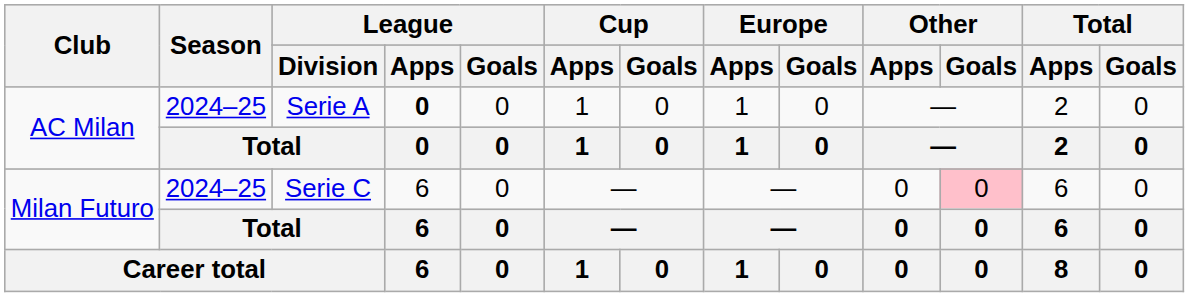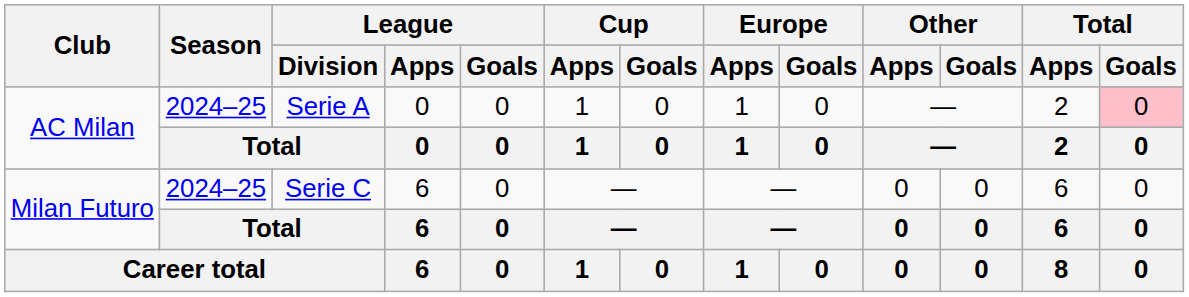 <table class="wikitable" style="text-align: center;">
 <tr>
 <th rowspan="2">Club</th>
 <th rowspan="2">Season</th>
 <th colspan="3">League</th>
 <th colspan="2">Cup</th>
 <th colspan="2">Europe</th>
 <th colspan="2">Other</th>
 <th colspan="2">Total</th>
 </tr>
 <tr>
 <th>Division</th>
 <th>Apps</th>
 <th>Goals</th>
 <th>Apps</th>
 <th>Goals</th>
 <th>Apps</th>
 <th>Goals</th>
 <th>Apps</th>
 <th>Goals</th>
 <th>Apps</th>
 <th>Goals</th>
 </tr>
 <tr>
 <td rowspan="2"><a href='#'>AC Milan</a></td>
 <td><a href='#'>2024–25</a></td>
 <td><a href='#'>Serie A</a></td>
-<td><strong>0</strong></td>
+<td>0</td>
 <td>0</td>
 <td>1</td>
 <td>0</td>
 <td>1</td>
 <td>0</td>
 <td colspan="2">—</td>
 <td>2</td>
-<td>0</td>
+<td style="background: pink;">0</td>
 </tr>
 <tr>
 <th colspan="2">Total</th>
 <th>0</th>
 <th>0</th>
 <th>1</th>
 <th>0</th>
 <th>1</th>
 <th>0</th>
 <th colspan="2">—</th>
 <th>2</th>
 <th>0</th>
 </tr>
 <tr>
 <td rowspan="2"><a href='#'>Milan Futuro</a></td>
 <td><a href='#'>2024–25</a></td>
 <td><a href='#'>Serie C</a></td>
 <td>6</td>
 <td>0</td>
 <td colspan="2">—</td>
 <td colspan="2">—</td>
 <td>0</td>
-<td style="background: pink;">0</td>
+<td>0</td>
 <td>6</td>
 <td>0</td>
 </tr>
 <tr>
 <th colspan="2">Total</th>
 <th>6</th>
 <th>0</th>
 <th colspan="2">—</th>
 <th colspan="2">—</th>
 <th>0</th>
 <th>0</th>
 <th>6</th>
 <th>0</th>
 </tr>
 <tr>
 <th colspan="3">Career total</th>
 <th>6</th>
 <th>0</th>
 <th>1</th>
 <th>0</th>
 <th>1</th>
 <th>0</th>
 <th>0</th>
 <th>0</th>
 <th>8</th>
 <th>0</th>
 </tr>
 </table>
